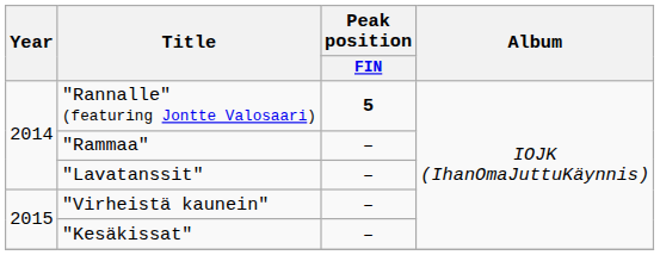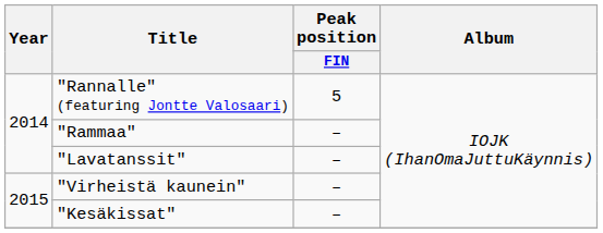 <table class="wikitable">
 <tr>
 <th align="center" rowspan="2">Year</th>
 <th align="center" rowspan="2">Title</th>
 <th align="center" colspan="1"width="20">Peak<br>position</th>
 <th align="center" rowspan="2">Album</th>
 </tr>
 <tr>
 <th style="width;font-size:85%"><a href='#'>FIN</a><br></th>
 </tr>
 <tr>
 <td align="center" rowspan="3">2014</td>
 <td>"Rannalle"<br><small>(featuring <a href='#'>Jontte Valosaari</a>)</small></td>
-<td align="center"><strong>5</strong></td>
+<td align="center">5</td>
 <td align="center" rowspan="5"><em>IOJK<br>(IhanOmaJuttuKäynnis)</em></td>
 </tr>
 <tr>
 <td>"Rammaa"</td>
 <td align="center">–</td>
 </tr>
 <tr>
 <td>"Lavatanssit"</td>
 <td align="center">–</td>
 </tr>
 <tr>
 <td align="center" rowspan="2">2015</td>
 <td>"Virheistä kaunein"</td>
 <td align="center">–</td>
 </tr>
 <tr>
 <td>"Kesäkissat"</td>
 <td align="center">–</td>
 </tr>
 <tr>
 </tr>
 </table>
